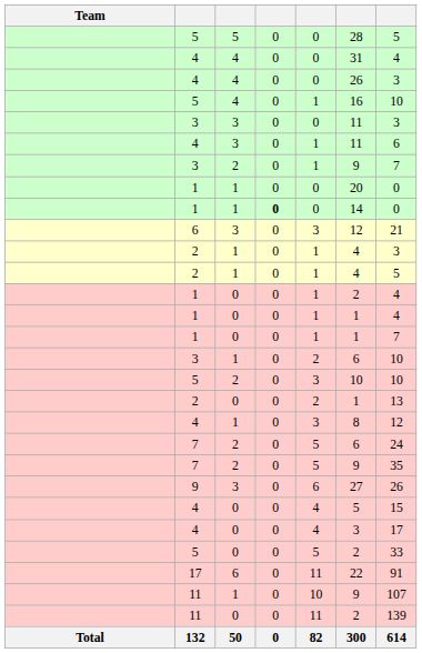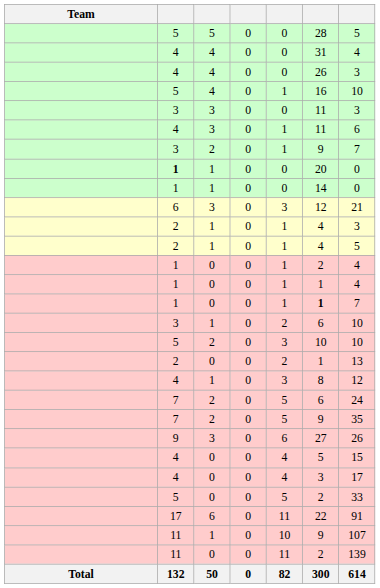 <table class="wikitable" style="font-size:95%; text-align:center">
 <tr>
 <th width=192>Team</th>
 <th width=40></th>
 <th width=40></th>
 <th width=40></th>
 <th width=40></th>
 <th width=40></th>
 <th width=40></th>
 </tr>
 <tr style="background:#ccffcc;">
 <td style="text-align:left;"></td>
 <td>5</td>
 <td>5</td>
 <td>0</td>
 <td>0</td>
 <td>28</td>
 <td>5</td>
 </tr>
 <tr style="background:#ccffcc;">
 <td style="text-align:left;"></td>
 <td>4</td>
 <td>4</td>
 <td>0</td>
 <td>0</td>
 <td>31</td>
 <td>4</td>
 </tr>
 <tr style="background:#ccffcc;">
 <td style="text-align:left;"></td>
 <td>4</td>
 <td>4</td>
 <td>0</td>
 <td>0</td>
 <td>26</td>
 <td>3</td>
 </tr>
 <tr style="background:#ccffcc;">
 <td style="text-align:left;"></td>
 <td>5</td>
 <td>4</td>
 <td>0</td>
 <td>1</td>
 <td>16</td>
 <td>10</td>
 </tr>
 <tr style="background:#ccffcc;">
 <td style="text-align:left;"></td>
 <td>3</td>
 <td>3</td>
 <td>0</td>
 <td>0</td>
 <td>11</td>
 <td>3</td>
 </tr>
 <tr style="background:#ccffcc;">
 <td style="text-align:left;"></td>
 <td>4</td>
 <td>3</td>
 <td>0</td>
 <td>1</td>
 <td>11</td>
 <td>6</td>
 </tr>
 <tr style="background:#ccffcc;">
 <td style="text-align:left;"></td>
 <td>3</td>
 <td>2</td>
 <td>0</td>
 <td>1</td>
 <td>9</td>
 <td>7</td>
 </tr>
 <tr style="background:#ccffcc;">
 <td style="text-align:left;"></td>
-<td>1</td>
+<td><strong>1</strong></td>
 <td>1</td>
 <td>0</td>
 <td>0</td>
 <td>20</td>
 <td>0</td>
 </tr>
 <tr style="background:#ccffcc;">
 <td style="text-align:left;"></td>
 <td>1</td>
 <td>1</td>
-<td><strong>0</strong></td>
+<td>0</td>
 <td>0</td>
 <td>14</td>
 <td>0</td>
 </tr>
 <tr style="background:#ffffcc;">
 <td style="text-align:left;"></td>
 <td>6</td>
 <td>3</td>
 <td>0</td>
 <td>3</td>
 <td>12</td>
 <td>21</td>
 </tr>
 <tr style="background:#ffffcc;">
 <td style="text-align:left;"></td>
 <td>2</td>
 <td>1</td>
 <td>0</td>
 <td>1</td>
 <td>4</td>
 <td>3</td>
 </tr>
 <tr style="background:#ffffcc;">
 <td style="text-align:left;"></td>
 <td>2</td>
 <td>1</td>
 <td>0</td>
 <td>1</td>
 <td>4</td>
 <td>5</td>
 </tr>
 <tr style="background:#ffcccc;">
 <td style="text-align:left;"></td>
 <td>1</td>
 <td>0</td>
 <td>0</td>
 <td>1</td>
 <td>2</td>
 <td>4</td>
 </tr>
 <tr style="background:#ffcccc;">
 <td style="text-align:left;"></td>
 <td>1</td>
 <td>0</td>
 <td>0</td>
 <td>1</td>
 <td>1</td>
 <td>4</td>
 </tr>
 <tr style="background:#ffcccc;">
 <td style="text-align:left;"></td>
 <td>1</td>
 <td>0</td>
 <td>0</td>
 <td>1</td>
-<td>1</td>
+<td><strong>1</strong></td>
 <td>7</td>
 </tr>
 <tr style="background:#ffcccc;">
 <td style="text-align:left;"></td>
 <td>3</td>
 <td>1</td>
 <td>0</td>
 <td>2</td>
 <td>6</td>
 <td>10</td>
 </tr>
 <tr style="background:#ffcccc;">
 <td style="text-align:left;"></td>
 <td>5</td>
 <td>2</td>
 <td>0</td>
 <td>3</td>
 <td>10</td>
 <td>10</td>
 </tr>
 <tr style="background:#ffcccc;">
 <td style="text-align:left;"></td>
 <td>2</td>
 <td>0</td>
 <td>0</td>
 <td>2</td>
 <td>1</td>
 <td>13</td>
 </tr>
 <tr style="background:#ffcccc;">
 <td style="text-align:left;"></td>
 <td>4</td>
 <td>1</td>
 <td>0</td>
 <td>3</td>
 <td>8</td>
 <td>12</td>
 </tr>
 <tr style="background:#ffcccc;">
 <td style="text-align:left;"></td>
 <td>7</td>
 <td>2</td>
 <td>0</td>
 <td>5</td>
 <td>6</td>
 <td>24</td>
 </tr>
 <tr style="background:#ffcccc;">
 <td style="text-align:left;"></td>
 <td>7</td>
 <td>2</td>
 <td>0</td>
 <td>5</td>
 <td>9</td>
 <td>35</td>
 </tr>
 <tr style="background:#ffcccc;">
 <td style="text-align:left;"></td>
 <td>9</td>
 <td>3</td>
 <td>0</td>
 <td>6</td>
 <td>27</td>
 <td>26</td>
 </tr>
 <tr style="background:#ffcccc;">
 <td style="text-align:left;"></td>
 <td>4</td>
 <td>0</td>
 <td>0</td>
 <td>4</td>
 <td>5</td>
 <td>15</td>
 </tr>
 <tr style="background:#ffcccc;">
 <td style="text-align:left;"></td>
 <td>4</td>
 <td>0</td>
 <td>0</td>
 <td>4</td>
 <td>3</td>
 <td>17</td>
 </tr>
 <tr style="background:#ffcccc;">
 <td style="text-align:left;"></td>
 <td>5</td>
 <td>0</td>
 <td>0</td>
 <td>5</td>
 <td>2</td>
 <td>33</td>
 </tr>
 <tr style="background:#ffcccc;">
 <td style="text-align:left;"></td>
 <td>17</td>
 <td>6</td>
 <td>0</td>
 <td>11</td>
 <td>22</td>
 <td>91</td>
 </tr>
 <tr style="background:#ffcccc;">
 <td style="text-align:left;"></td>
 <td>11</td>
 <td>1</td>
 <td>0</td>
 <td>10</td>
 <td>9</td>
 <td>107</td>
 </tr>
 <tr style="background:#ffcccc;">
 <td style="text-align:left;"></td>
 <td>11</td>
 <td>0</td>
 <td>0</td>
 <td>11</td>
 <td>2</td>
 <td>139</td>
 </tr>
 <tr>
 <th>Total</th>
 <th>132</th>
 <th>50</th>
 <th>0</th>
 <th>82</th>
 <th>300</th>
 <th>614</th>
 </tr>
 </table>
